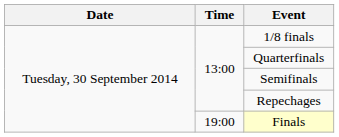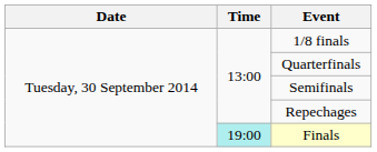 <table class = "wikitable" style="text-align:center;">
 <tr>
 <th width=220>Date</th>
 <th width=50>Time</th>
 <th width=100>Event</th>
 </tr>
 <tr>
 <td rowspan=5>Tuesday, 30 September 2014</td>
 <td rowspan=4>13:00</td>
 <td>1/8 finals</td>
 </tr>
 <tr>
 <td>Quarterfinals</td>
 </tr>
 <tr>
 <td>Semifinals</td>
 </tr>
 <tr>
 <td>Repechages</td>
 </tr>
 <tr>
-<td>19:00</td>
+<td style="background: paleturquoise;">19:00</td>
 <td bgcolor=ffffcc>Finals</td>
 </tr>
 </table>
